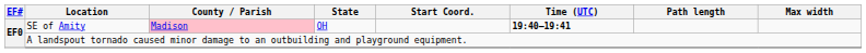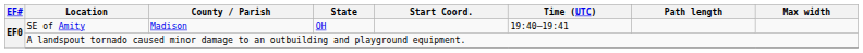 <table class="wikitable sortable" style="width:100%;">
 <tr>
 <th scope="col" width="2%" align="center"><a href='#'>EF#</a></th>
 <th scope="col" align="center" class="unsortable">Location</th>
 <th scope="col" align="center" class="unsortable">County / Parish</th>
 <th scope="col" align="center">State</th>
 <th scope="col" align="center">Start Coord.</th>
 <th scope="col" align="center">Time (<a href='#'>UTC</a>)</th>
 <th scope="col" align="center">Path length</th>
 <th scope="col" align="center">Max width</th>
 </tr>
 <tr>
 <th scope="row" rowspan="2" style="background-color:#">EF0</th>
 <td>SE of <a href='#'>Amity</a></td>
-<td style="background: pink;"><a href='#'>Madison</a></td>
+<td><a href='#'>Madison</a></td>
 <td><a href='#'>OH</a></td>
 <td></td>
-<td><strong>19:40–19:41</strong></td>
+<td>19:40–19:41</td>
 <td></td>
 <td></td>
 </tr>
 <tr class="expand-child">
 <td colspan="8" style=" border-bottom: 1px solid black;">A landspout tornado caused minor damage to an outbuilding and playground equipment.</td>
 </tr>
 <tr>
 </tr>
 </table>
